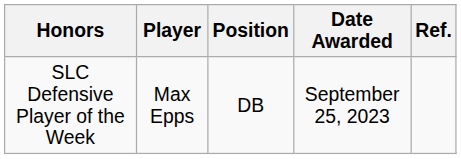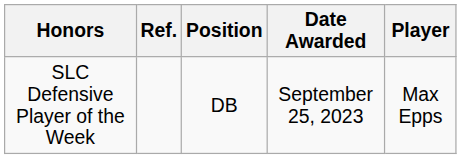 <table class="wikitable" style="width: 60%;text-align: center;">
 <tr>
 <th>Honors</th>
-<th>Player</th>
+<th>Ref.</th>
 <th>Position</th>
 <th>Date Awarded</th>
-<th>Ref.</th>
+<th>Player</th>
 </tr>
 <tr align="center">
 <td rowspan="1">SLC Defensive Player of the Week</td>
-<td>Max Epps</td>
+<td></td>
 <td>DB</td>
 <td>September 25, 2023</td>
-<td></td>
+<td>Max Epps</td>
 </tr>
 </table>
